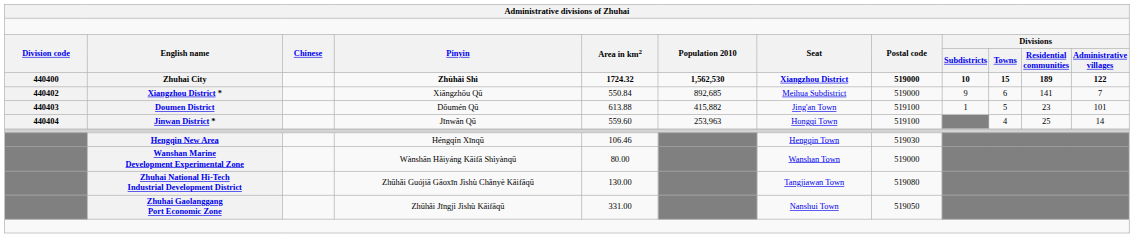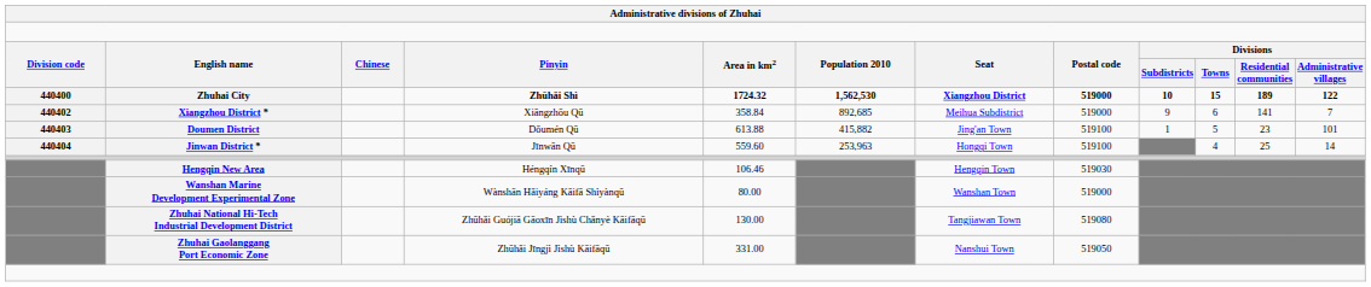 <table class="wikitable" style="margin:1em auto 1em auto; width:90%; font-size:smaller; text-align:center">
 <tr>
 <th colspan="12"><strong>Administrative divisions of Zhuhai</strong></th>
 </tr>
 <tr>
 <td colspan="12" style="font-size:larger"><div><br>       </div></td>
 </tr>
 <tr>
 <th ! scope="col" rowspan=2><a href='#'>Division code</a></th>
 <th ! scope="col" rowspan=2>English name</th>
 <th ! scope="col" rowspan=2><a href='#'>Chinese</a></th>
 <th ! scope="col" rowspan=2><a href='#'>Pinyin</a></th>
 <th ! scope="col" rowspan=2>Area in km<sup>2</sup></th>
 <th ! scope="col" rowspan=2>Population 2010</th>
 <th ! scope="col" rowspan=2>Seat</th>
 <th ! scope="col" rowspan=2>Postal code</th>
 <th ! scope="col" colspan=4>Divisions</th>
 </tr>
 <tr>
 <th ! scope="col" width="45"><a href='#'>Subdistricts</a></th>
 <th ! scope="col" width="45"><a href='#'>Towns</a></th>
 <th ! scope="col" width="45"><a href='#'>Residential communities</a></th>
 <th ! scope="col" width="45"><a href='#'>Administrative villages</a></th>
 </tr>
 <tr style="font-weight: bold">
 <th>440400</th>
 <th>Zhuhai City</th>
 <td></td>
 <td>Zhūhǎi Shì</td>
 <td>1724.32</td>
 <td>1,562,530</td>
 <td><a href='#'>Xiangzhou District</a></td>
 <td>519000</td>
 <td>10</td>
 <td>15</td>
 <td>189</td>
 <td>122</td>
 </tr>
 <tr>
 <th>440402</th>
 <th><a href='#'>Xiangzhou District</a> *</th>
 <td></td>
 <td>Xiāngzhōu Qū</td>
-<td>550.84</td>
+<td>358.84</td>
 <td>892,685</td>
 <td><a href='#'>Meihua Subdistrict</a></td>
 <td>519000</td>
 <td>9</td>
 <td>6</td>
 <td>141</td>
 <td>7</td>
 </tr>
 <tr>
 <th>440403</th>
 <th><a href='#'>Doumen District</a></th>
 <td></td>
 <td>Dǒumén Qū</td>
 <td>613.88</td>
 <td>415,882</td>
 <td><a href='#'>Jing'an Town</a></td>
 <td>519100</td>
 <td>1</td>
 <td>5</td>
 <td>23</td>
 <td>101</td>
 </tr>
 <tr>
 <th>440404</th>
 <th><a href='#'>Jinwan District</a> *</th>
 <td></td>
 <td>Jīnwān Qū</td>
 <td>559.60</td>
 <td>253,963</td>
 <td><a href='#'>Hongqi Town</a></td>
 <td>519100</td>
 <td bgcolor="grey"></td>
 <td>4</td>
 <td>25</td>
 <td>14</td>
 </tr>
 <tr style = "background:lightgrey; height: 2pt">
 <td colspan = "12"></td>
 </tr>
 <tr>
 <td bgcolor="grey"> </td>
 <th><a href='#'>Hengqin New Area</a></th>
 <td></td>
 <td>Héngqín Xīnqū</td>
 <td>106.46</td>
 <td bgcolor="grey"></td>
 <td><a href='#'>Hengqin Town</a></td>
 <td>519030</td>
 <td bgcolor="grey" colspan="4"></td>
 </tr>
 <tr>
 <td bgcolor="grey"> </td>
 <th><a href='#'>Wanshan Marine<br>Development Experimental Zone</a></th>
 <td></td>
 <td>Wànshān Hǎiyáng Kāifā Shìyànqū</td>
 <td>80.00</td>
 <td bgcolor="grey"></td>
 <td><a href='#'>Wanshan Town</a></td>
 <td>519000</td>
 <td bgcolor="grey" colspan="4"></td>
 </tr>
 <tr>
 <td bgcolor="grey"> </td>
 <th><a href='#'>Zhuhai National Hi-Tech<br>Industrial Development District</a></th>
 <td></td>
 <td>Zhūhǎi Guójiā Gāoxīn Jìshù Chǎnyè Kāifāqū</td>
 <td>130.00</td>
 <td bgcolor="grey"></td>
 <td><a href='#'>Tangjiawan Town</a></td>
 <td>519080</td>
 <td bgcolor="grey" colspan="4"></td>
 </tr>
 <tr>
 <td bgcolor="grey"> </td>
 <th><a href='#'>Zhuhai Gaolanggang<br>Port Economic Zone</a></th>
 <td></td>
 <td>Zhūhǎi Jīngjì Jìshù Kāifāqū</td>
 <td>331.00</td>
 <td bgcolor="grey"></td>
 <td><a href='#'>Nanshui Town</a></td>
 <td>519050</td>
 <td bgcolor="grey" colspan="4"></td>
 </tr>
 <tr>
 <td colspan="12"><br></td>
 </tr>
 </table>
